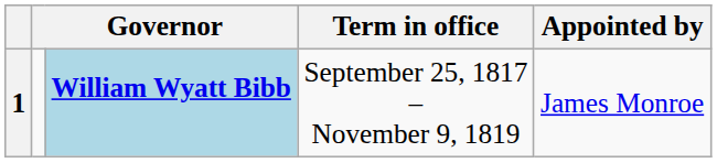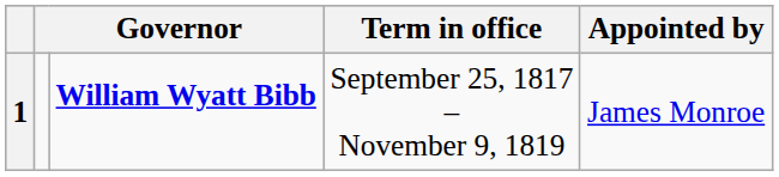 <table class="wikitable" style="text-align:center;">
 <tr>
 <th scope="col" data-sort-type="number"></th>
 <th scope="colgroup" colspan="2">Governor</th>
 <th scope="col">Term in office</th>
 <th scope="col">Appointed by</th>
 </tr>
 <tr style="height:2em;">
 <th scope="row">1</th>
 <td></td>
-<td style="background: lightblue;"><strong><a href='#'>William Wyatt Bibb</a></strong><br><br></td>
+<td><strong><a href='#'>William Wyatt Bibb</a></strong><br><br></td>
 <td>September 25, 1817<br>–<br>November 9, 1819<br></td>
 <td><a href='#'>James Monroe</a></td>
 </tr>
 </table>
